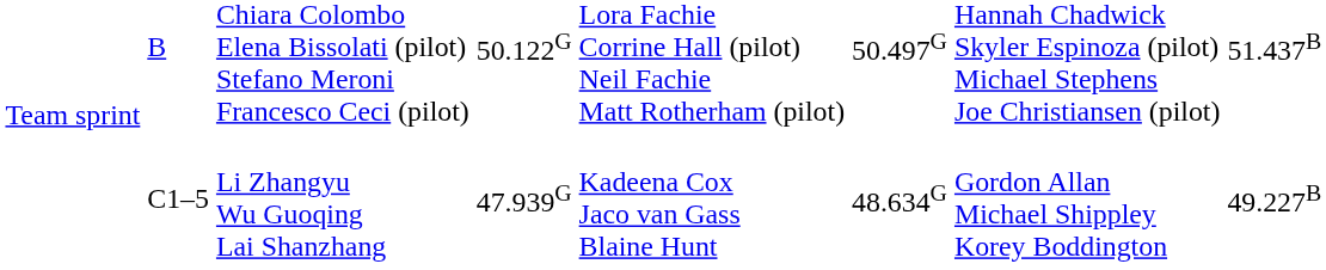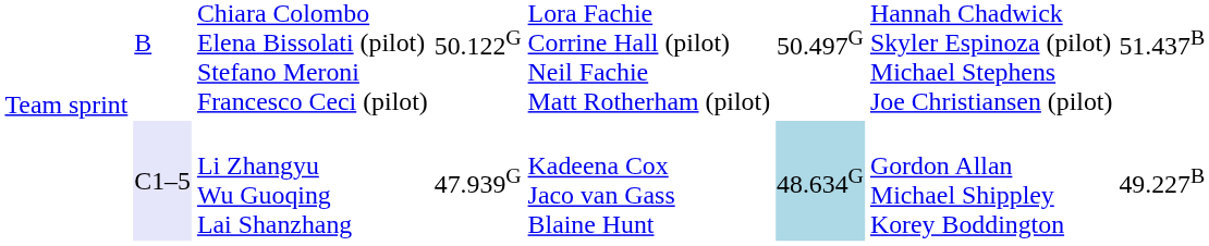 <table>
 <tr>
 <td rowspan=2><a href='#'>Team sprint</a></td>
 <td><a href='#'>B</a></td>
 <td><br><a href='#'>Chiara Colombo</a><br><a href='#'>Elena Bissolati</a> (pilot)<br><a href='#'>Stefano Meroni</a><br><a href='#'>Francesco Ceci</a> (pilot)</td>
 <td>50.122<sup>G</sup></td>
 <td><br><a href='#'>Lora Fachie</a><br><a href='#'>Corrine Hall</a> (pilot)<br><a href='#'>Neil Fachie</a><br><a href='#'>Matt Rotherham</a> (pilot)</td>
 <td>50.497<sup>G</sup></td>
 <td><br><a href='#'>Hannah Chadwick</a><br><a href='#'>Skyler Espinoza</a> (pilot)<br><a href='#'>Michael Stephens</a><br><a href='#'>Joe Christiansen</a> (pilot)</td>
 <td>51.437<sup>B</sup></td>
 </tr>
 <tr>
-<td>C1–5</td>
+<td style="background: lavender;">C1–5</td>
 <td><br> <a href='#'>Li Zhangyu</a><br><a href='#'>Wu Guoqing</a><br><a href='#'>Lai Shanzhang</a></td>
 <td>47.939<sup>G</sup></td>
 <td><br><a href='#'>Kadeena Cox</a><br><a href='#'>Jaco van Gass</a><br><a href='#'>Blaine Hunt</a></td>
-<td>48.634<sup>G</sup></td>
+<td style="background: lightblue;">48.634<sup>G</sup></td>
 <td><br><a href='#'>Gordon Allan</a><br><a href='#'>Michael Shippley</a><br><a href='#'>Korey Boddington</a></td>
 <td>49.227<sup>B</sup></td>
 </tr>
 </table>
